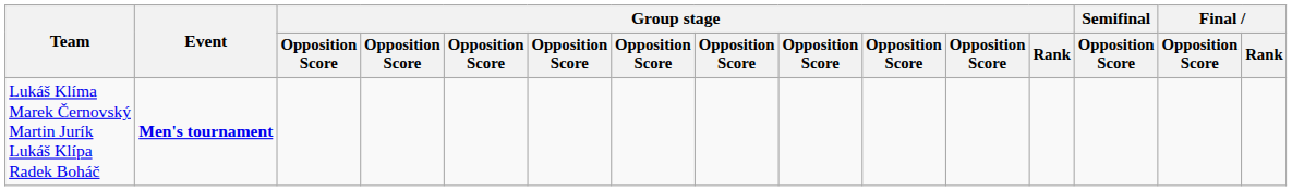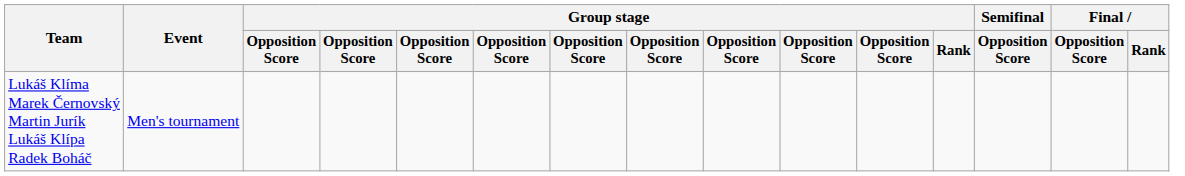 <table class=wikitable style=font-size:90%;text-align:center>
 <tr>
 <th rowspan=2>Team</th>
 <th rowspan=2>Event</th>
 <th colspan=10>Group stage</th>
 <th>Semifinal</th>
 <th colspan=2>Final / </th>
 </tr>
 <tr style="font-size:95%">
 <th>Opposition<br>Score</th>
 <th>Opposition<br>Score</th>
 <th>Opposition<br>Score</th>
 <th>Opposition<br>Score</th>
 <th>Opposition<br>Score</th>
 <th>Opposition<br>Score</th>
 <th>Opposition<br>Score</th>
 <th>Opposition<br>Score</th>
 <th>Opposition<br>Score</th>
 <th>Rank</th>
 <th>Opposition<br>Score</th>
 <th>Opposition<br>Score</th>
 <th>Rank</th>
 </tr>
 <tr>
 <td align=left><a href='#'>Lukáš Klíma</a><br><a href='#'>Marek Černovský</a><br><a href='#'>Martin Jurík</a><br><a href='#'>Lukáš Klípa</a><br><a href='#'>Radek Boháč</a></td>
-<td align=left><strong><a href='#'>Men's tournament</a></strong></td>
+<td align=left><a href='#'>Men's tournament</a></td>
 <td></td>
 <td></td>
 <td></td>
 <td></td>
 <td></td>
 <td></td>
 <td></td>
 <td></td>
 <td></td>
 <td></td>
 <td></td>
 <td></td>
 <td></td>
 </tr>
 </table>
